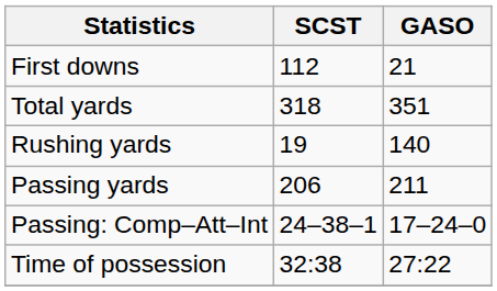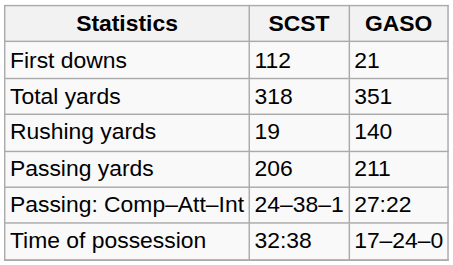 <table class="wikitable" style="float: left;">
 <tr>
 <th>Statistics</th>
 <th>SCST</th>
 <th>GASO</th>
 </tr>
 <tr>
 <td>First downs</td>
 <td>112</td>
 <td>21</td>
 </tr>
 <tr>
 <td>Total yards</td>
 <td>318</td>
 <td>351</td>
 </tr>
 <tr>
 <td>Rushing yards</td>
 <td>19</td>
 <td>140</td>
 </tr>
 <tr>
 <td>Passing yards</td>
 <td>206</td>
 <td>211</td>
 </tr>
 <tr>
 <td>Passing: Comp–Att–Int</td>
 <td>24–38–1</td>
-<td>17–24–0</td>
+<td>27:22</td>
 </tr>
 <tr>
 <td>Time of possession</td>
 <td>32:38</td>
-<td>27:22</td>
+<td>17–24–0</td>
 </tr>
 <tr>
 </tr>
 </table>
